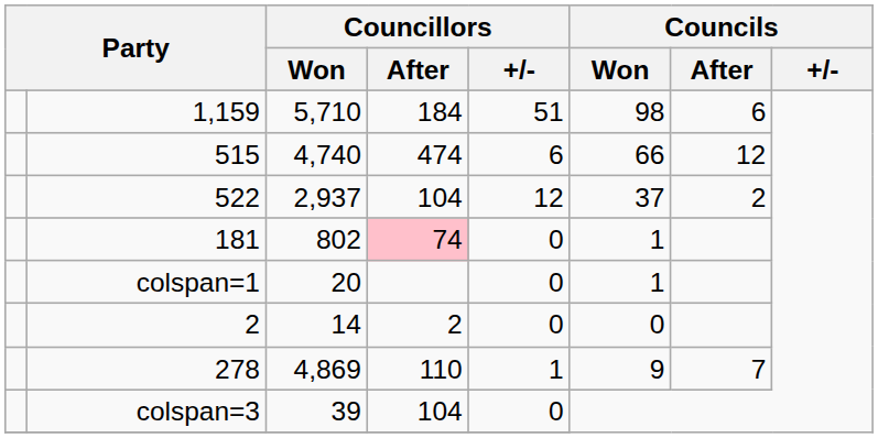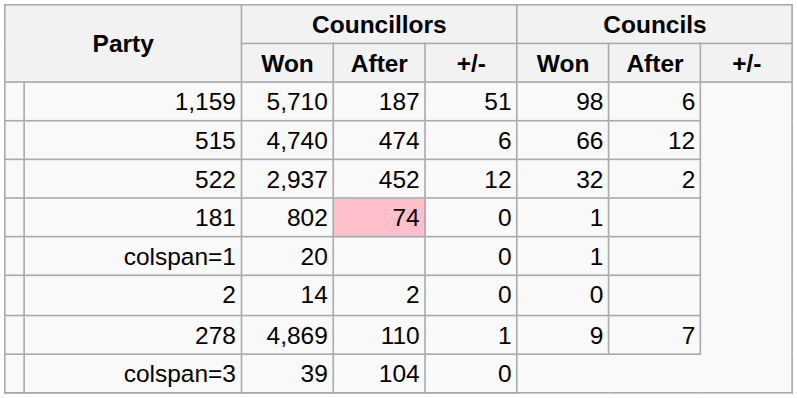 <table id="results" class="wikitable" style="text-align:right; font-size:95%;">
 <tr>
 <th colspan="2" rowspan="2" style="width:140px;">Party</th>
 <th colspan="3">Councillors</th>
 <th colspan="3">Councils</th>
 </tr>
 <tr>
 <th style="width:50px;">Won</th>
 <th style="width:50px;">After</th>
 <th style="width:50px;">+/-</th>
 <th style="width:50px;">Won</th>
 <th style="width:50px;">After</th>
 <th style="width:50px;">+/-</th>
 </tr>
 <tr>
 <td></td>
 <td>1,159</td>
 <td>5,710</td>
-<td>184</td>
+<td>187</td>
 <td>51</td>
 <td>98</td>
 <td>6</td>
 </tr>
 <tr>
 <td></td>
 <td>515</td>
 <td>4,740</td>
 <td>474</td>
 <td>6</td>
 <td>66</td>
 <td>12</td>
 </tr>
 <tr>
 <td></td>
 <td>522</td>
 <td>2,937</td>
-<td>104</td>
+<td>452</td>
 <td>12</td>
-<td>37</td>
+<td>32</td>
 <td>2</td>
 </tr>
 <tr>
 <td></td>
 <td>181</td>
 <td>802</td>
 <td style="background: pink;">74</td>
 <td>0</td>
 <td>1</td>
 <td></td>
 </tr>
 <tr>
 <td></td>
 <td>colspan=1 </td>
 <td>20</td>
 <td></td>
 <td>0</td>
 <td>1</td>
 <td></td>
 </tr>
 <tr>
 <td></td>
 <td>2</td>
 <td>14</td>
 <td>2</td>
 <td>0</td>
 <td>0</td>
 <td></td>
 </tr>
 <tr>
 <td></td>
 <td>278</td>
 <td>4,869</td>
 <td>110</td>
 <td>1</td>
 <td>9</td>
 <td>7</td>
 </tr>
 <tr>
 <td></td>
 <td>colspan=3 </td>
 <td>39</td>
 <td>104</td>
 <td>0</td>
 </tr>
 <tr>
 </tr>
 </table>
